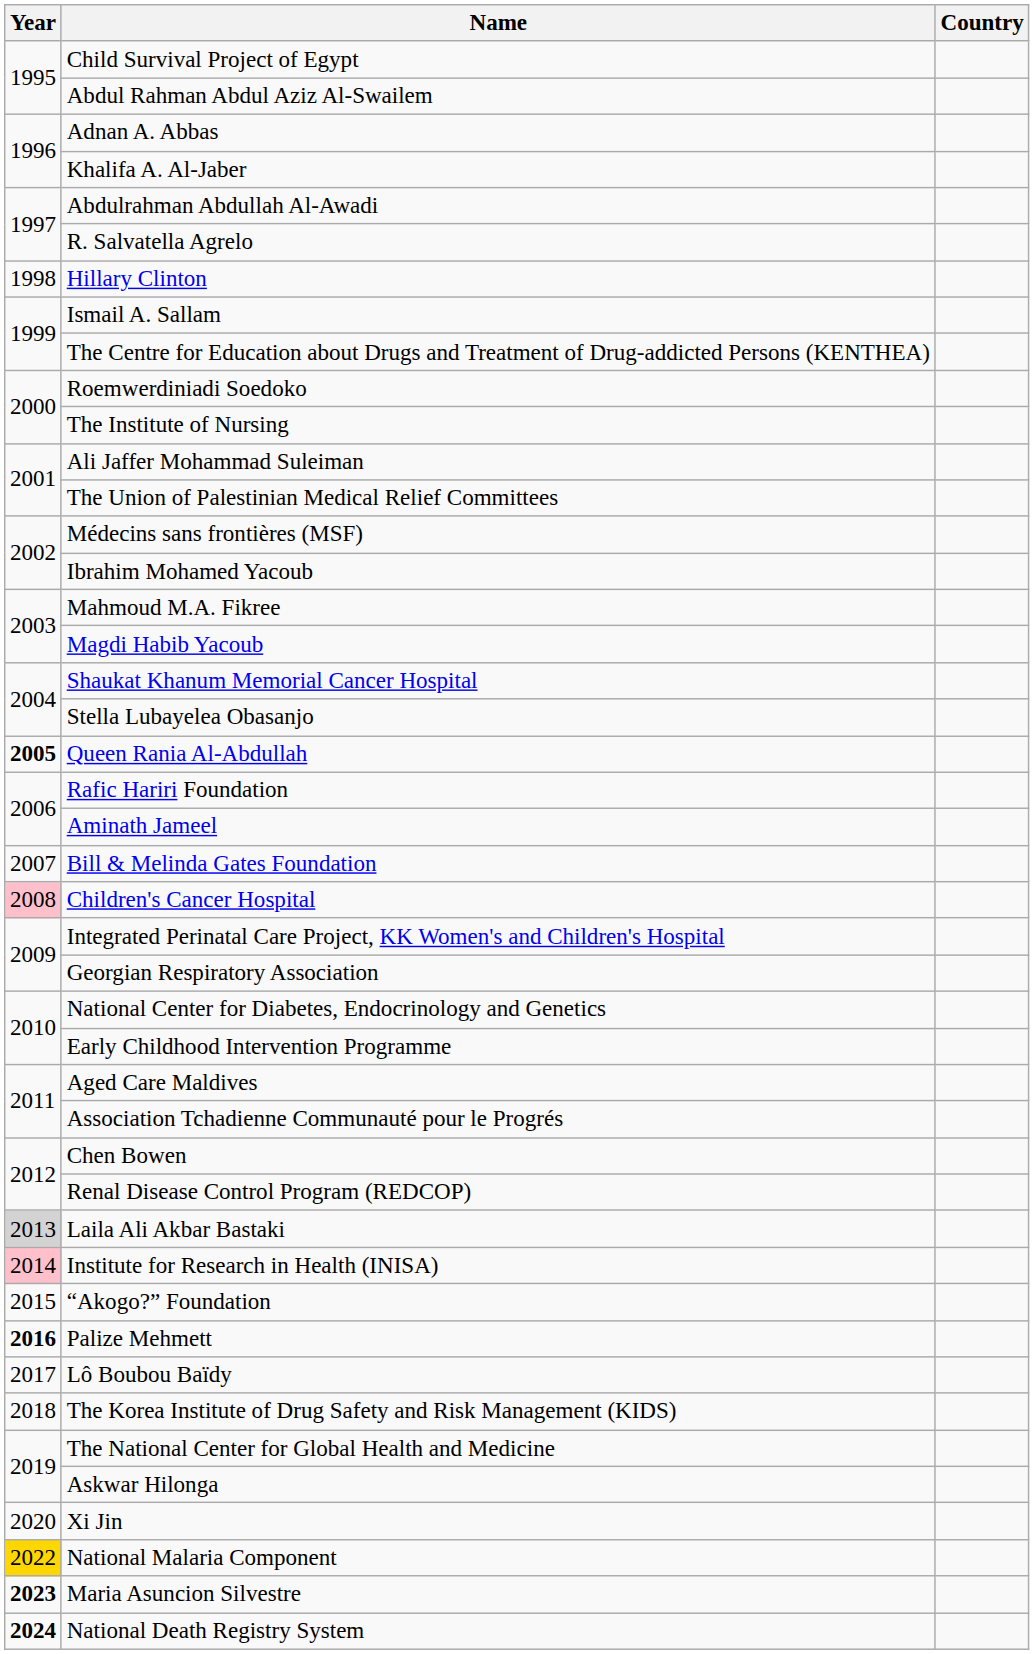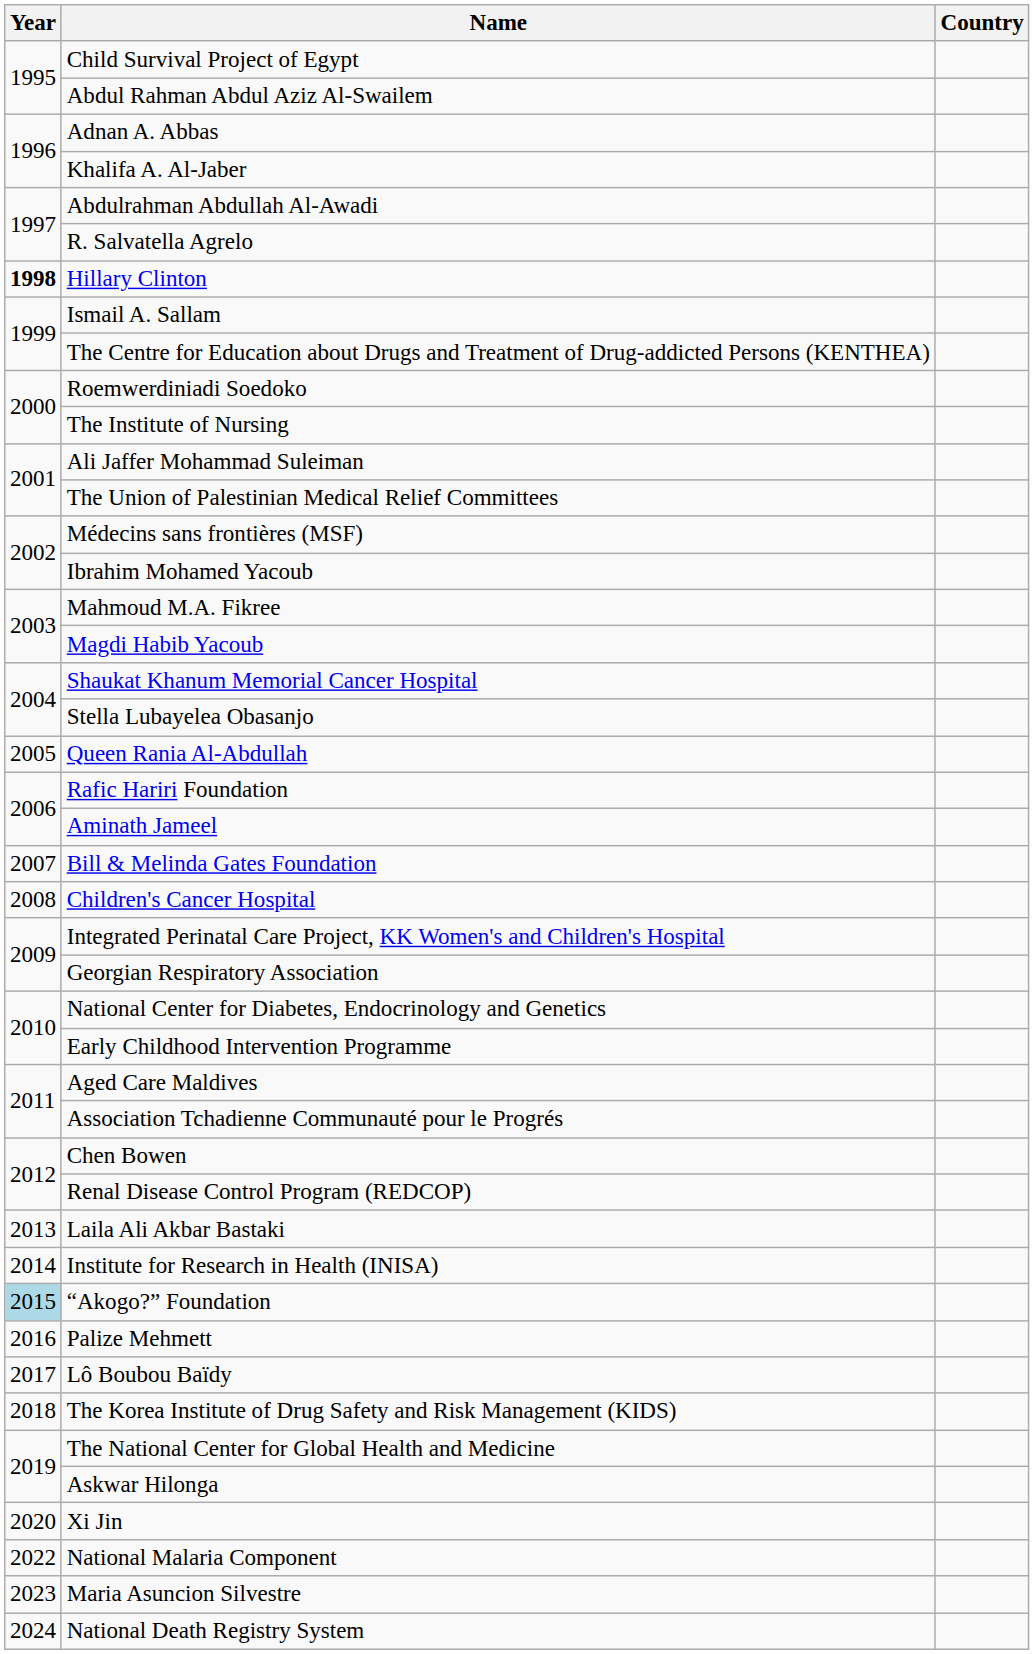 <table class="wikitable plainrowheaders sortable">
 <tr>
 <th>Year</th>
 <th>Name</th>
 <th>Country</th>
 </tr>
 <tr>
 <td rowspan="2" id="1995">1995</td>
 <td>Child Survival Project of Egypt</td>
 <td></td>
 </tr>
 <tr>
 <td>Abdul Rahman Abdul Aziz Al-Swailem</td>
 <td></td>
 </tr>
 <tr>
 <td rowspan="2" id="1996">1996</td>
 <td>Adnan A. Abbas</td>
 <td></td>
 </tr>
 <tr>
 <td>Khalifa A. Al-Jaber</td>
 <td></td>
 </tr>
 <tr>
 <td rowspan="2">1997</td>
 <td>Abdulrahman Abdullah Al-Awadi</td>
 <td></td>
 </tr>
 <tr>
 <td>R. Salvatella Agrelo</td>
 <td></td>
 </tr>
 <tr>
-<td>1998</td>
+<td><strong>1998</strong></td>
 <td><a href='#'>Hillary Clinton</a></td>
 <td></td>
 </tr>
 <tr>
 <td rowspan="2">1999</td>
 <td>Ismail A. Sallam</td>
 <td></td>
 </tr>
 <tr>
 <td>The Centre for Education about Drugs and Treatment of Drug-addicted Persons (KENTHEA)</td>
 <td></td>
 </tr>
 <tr>
 <td rowspan="2">2000</td>
 <td>Roemwerdiniadi Soedoko</td>
 <td></td>
 </tr>
 <tr>
 <td>The Institute of Nursing</td>
 <td></td>
 </tr>
 <tr>
 <td rowspan="2">2001</td>
 <td>Ali Jaffer Mohammad Suleiman</td>
 <td></td>
 </tr>
 <tr>
 <td>The Union of Palestinian Medical Relief Committees</td>
 <td></td>
 </tr>
 <tr>
 <td rowspan="2">2002</td>
 <td>Médecins sans frontières (MSF)</td>
 <td></td>
 </tr>
 <tr>
 <td>Ibrahim Mohamed Yacoub</td>
 <td></td>
 </tr>
 <tr>
 <td rowspan="2">2003</td>
 <td>Mahmoud M.A. Fikree</td>
 <td></td>
 </tr>
 <tr>
 <td><a href='#'>Magdi Habib Yacoub</a></td>
 <td></td>
 </tr>
 <tr>
 <td rowspan="2">2004</td>
 <td><a href='#'>Shaukat Khanum Memorial Cancer Hospital</a></td>
 <td></td>
 </tr>
 <tr>
 <td>Stella Lubayelea Obasanjo</td>
 <td></td>
 </tr>
 <tr>
-<td><strong>2005</strong></td>
+<td>2005</td>
 <td><a href='#'>Queen Rania Al-Abdullah</a></td>
 <td></td>
 </tr>
 <tr>
 <td rowspan="2">2006</td>
 <td><a href='#'>Rafic Hariri</a> Foundation</td>
 <td></td>
 </tr>
 <tr>
 <td><a href='#'>Aminath Jameel</a></td>
 <td></td>
 </tr>
 <tr>
 <td>2007</td>
 <td><a href='#'>Bill & Melinda Gates Foundation</a></td>
 <td></td>
 </tr>
 <tr>
-<td style="background: pink;">2008</td>
+<td>2008</td>
 <td><a href='#'>Children's Cancer Hospital</a></td>
 <td></td>
 </tr>
 <tr>
 <td rowspan="2">2009</td>
 <td>Integrated Perinatal Care Project, <a href='#'>KK Women's and Children's Hospital</a></td>
 <td></td>
 </tr>
 <tr>
 <td>Georgian Respiratory Association</td>
 <td></td>
 </tr>
 <tr>
 <td rowspan="2">2010</td>
 <td>National Center for Diabetes, Endocrinology and Genetics</td>
 <td></td>
 </tr>
 <tr>
 <td>Early Childhood Intervention Programme</td>
 <td></td>
 </tr>
 <tr>
 <td rowspan="2">2011</td>
 <td>Aged Care Maldives</td>
 <td></td>
 </tr>
 <tr>
 <td>Association Tchadienne Communauté pour le Progrés</td>
 <td></td>
 </tr>
 <tr>
 <td rowspan="2">2012</td>
 <td>Chen Bowen</td>
 <td></td>
 </tr>
 <tr>
 <td>Renal Disease Control Program (REDCOP)</td>
 <td></td>
 </tr>
 <tr>
-<td style="background: lightgrey;">2013</td>
+<td>2013</td>
 <td>Laila Ali Akbar Bastaki</td>
 <td></td>
 </tr>
 <tr>
-<td style="background: pink;">2014</td>
+<td>2014</td>
 <td>Institute for Research in Health (INISA) </td>
 <td></td>
 </tr>
 <tr>
-<td>2015</td>
+<td style="background: lightblue;">2015</td>
 <td>“Akogo?” Foundation</td>
 <td></td>
 </tr>
 <tr>
-<td><strong>2016</strong></td>
+<td>2016</td>
 <td>Palize Mehmett</td>
 <td></td>
 </tr>
 <tr>
 <td>2017</td>
 <td>Lô Boubou Baïdy</td>
 <td></td>
 </tr>
 <tr>
 <td>2018</td>
 <td>The Korea Institute of Drug Safety and Risk Management (KIDS)</td>
 <td></td>
 </tr>
 <tr>
 <td rowspan="2">2019</td>
 <td>The National Center for Global Health and Medicine</td>
 <td></td>
 </tr>
 <tr>
 <td>Askwar Hilonga</td>
 <td></td>
 </tr>
 <tr>
 <td>2020</td>
 <td>Xi Jin</td>
 <td></td>
 </tr>
 <tr>
-<td style="background: gold;">2022</td>
+<td>2022</td>
 <td>National Malaria Component</td>
 <td></td>
 </tr>
 <tr>
-<td><strong>2023</strong></td>
+<td>2023</td>
 <td>Maria Asuncion Silvestre</td>
 <td></td>
 </tr>
 <tr>
-<td><strong>2024</strong></td>
+<td>2024</td>
 <td>National Death Registry System</td>
 <td></td>
 </tr>
 </table>
